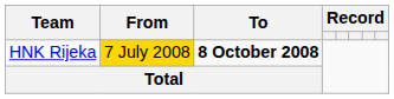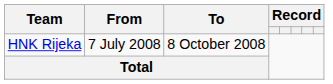 <table class=wikitable style="text-align: center">
 <tr>
 <th rowspan=2>Team</th>
 <th rowspan=2>From</th>
 <th rowspan=2>To</th>
 <th colspan=5>Record</th>
 </tr>
 <tr>
 <th></th>
 <th></th>
 <th></th>
 <th></th>
 <th></th>
 </tr>
 <tr>
 <td align=left><a href='#'>HNK Rijeka</a></td>
-<td align=left style="background: gold;">7 July 2008</td>
-<td align=left><strong>8 October 2008<br></strong></td>
+<td align=left>7 July 2008</td>
+<td align=left>8 October 2008<br></td>
 </tr>
 <tr>
 <th colspan="3">Total<br></th>
 </tr>
 </table>
